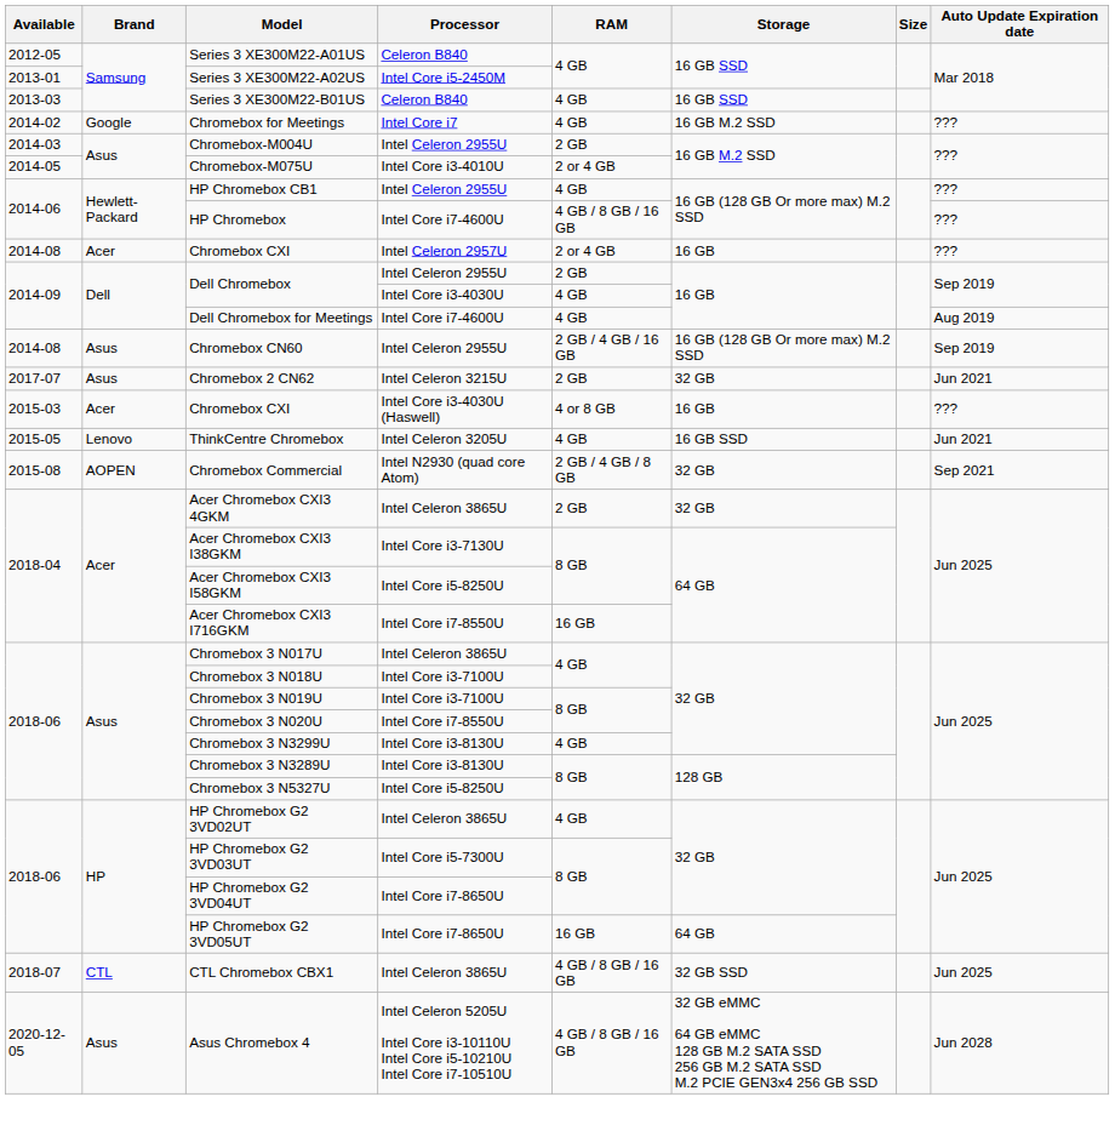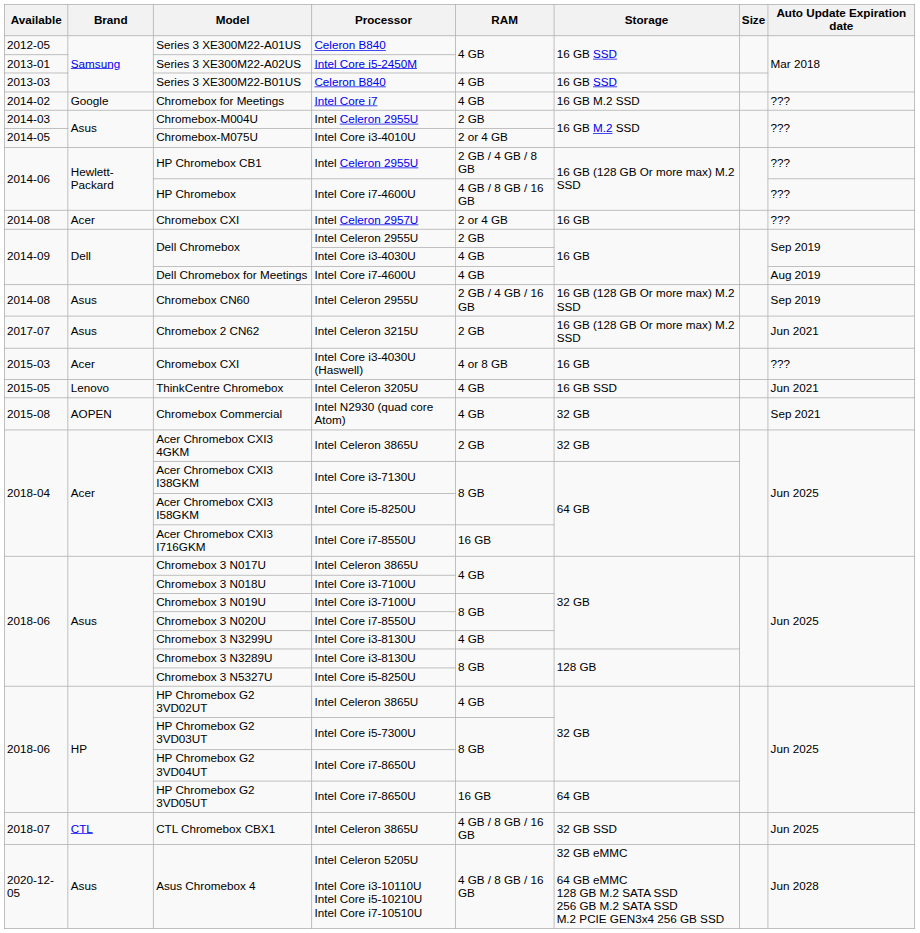 <table class="wikitable sortable">
 <tr>
 <th>Available</th>
 <th>Brand</th>
 <th>Model</th>
 <th>Processor</th>
 <th>RAM</th>
 <th>Storage</th>
 <th>Size</th>
 <th>Auto Update Expiration date</th>
 </tr>
 <tr>
 <td>2012-05</td>
 <td rowspan="3"><a href='#'>Samsung</a></td>
 <td>Series 3 XE300M22-A01US</td>
 <td><a href='#'>Celeron B840</a></td>
 <td rowspan="2">4 GB</td>
 <td rowspan="2">16 GB <a href='#'>SSD</a></td>
 <td rowspan="2"></td>
 <td rowspan="3">Mar 2018</td>
 </tr>
 <tr>
 <td>2013-01</td>
 <td>Series 3 XE300M22-A02US</td>
 <td><a href='#'>Intel Core i5-2450M</a></td>
 </tr>
 <tr>
 <td>2013-03</td>
 <td>Series 3 XE300M22-B01US</td>
 <td><a href='#'>Celeron B840</a></td>
 <td>4 GB</td>
 <td>16 GB <a href='#'>SSD</a></td>
 <td></td>
 </tr>
 <tr>
 <td>2014-02</td>
 <td>Google</td>
 <td>Chromebox for Meetings</td>
 <td><a href='#'>Intel Core i7</a></td>
 <td>4 GB</td>
 <td>16 GB M.2 SSD</td>
 <td></td>
 <td>???</td>
 </tr>
 <tr>
 <td>2014-03</td>
 <td rowspan="2">Asus</td>
 <td>Chromebox-M004U</td>
 <td>Intel <a href='#'>Celeron 2955U</a></td>
 <td>2 GB</td>
 <td rowspan="2">16 GB <a href='#'>M.2</a> SSD</td>
 <td rowspan="2"></td>
 <td rowspan="2">???</td>
 </tr>
 <tr>
 <td>2014-05</td>
 <td>Chromebox-M075U</td>
 <td>Intel Core i3-4010U</td>
 <td>2 or 4 GB</td>
 </tr>
 <tr>
 <td rowspan="2">2014-06</td>
 <td rowspan="2">Hewlett-Packard</td>
 <td>HP Chromebox CB1</td>
 <td>Intel <a href='#'>Celeron 2955U</a></td>
-<td>4 GB</td>
+<td>2 GB / 4 GB / 8 GB</td>
 <td rowspan="2">16 GB (128 GB Or more max) M.2 SSD</td>
 <td rowspan="2"></td>
 <td>???</td>
 </tr>
 <tr>
 <td>HP Chromebox</td>
 <td>Intel Core i7-4600U</td>
 <td>4 GB / 8 GB / 16 GB</td>
 <td>???</td>
 </tr>
 <tr>
 <td>2014-08</td>
 <td>Acer</td>
 <td>Chromebox CXI</td>
 <td>Intel <a href='#'>Celeron 2957U</a></td>
 <td>2 or 4 GB</td>
 <td rowspan="1">16 GB</td>
 <td></td>
 <td>???</td>
 </tr>
 <tr>
 <td rowspan="3">2014-09</td>
 <td rowspan="3">Dell</td>
 <td rowspan="2">Dell Chromebox</td>
 <td>Intel Celeron 2955U</td>
 <td>2 GB</td>
 <td rowspan="3">16 GB</td>
 <td rowspan="3"></td>
 <td rowspan="2">Sep 2019</td>
 </tr>
 <tr>
 <td>Intel Core i3-4030U</td>
 <td>4 GB</td>
 </tr>
 <tr>
 <td>Dell Chromebox for Meetings</td>
 <td>Intel Core i7-4600U</td>
 <td>4 GB</td>
 <td>Aug 2019</td>
 </tr>
 <tr>
 <td>2014-08</td>
 <td>Asus</td>
 <td>Chromebox CN60</td>
 <td>Intel Celeron 2955U</td>
 <td>2 GB / 4 GB / 16 GB</td>
 <td rowspan="1">16 GB (128 GB Or more max) M.2 SSD</td>
 <td></td>
 <td>Sep 2019</td>
 </tr>
 <tr>
 <td>2017-07</td>
 <td>Asus</td>
 <td>Chromebox 2 CN62</td>
 <td>Intel Celeron 3215U</td>
 <td>2 GB</td>
-<td rowspan="1">32 GB</td>
+<td rowspan="1">16 GB (128 GB Or more max) M.2 SSD</td>
 <td></td>
 <td>Jun 2021</td>
 </tr>
 <tr>
 <td>2015-03</td>
 <td>Acer</td>
 <td>Chromebox CXI</td>
 <td>Intel Core i3-4030U (Haswell)</td>
 <td>4 or 8 GB</td>
 <td rowspan="1">16 GB</td>
 <td></td>
 <td>???</td>
 </tr>
 <tr>
 <td>2015-05</td>
 <td>Lenovo</td>
 <td>ThinkCentre Chromebox</td>
 <td>Intel Celeron 3205U</td>
 <td>4 GB</td>
 <td>16 GB SSD</td>
 <td></td>
 <td>Jun 2021</td>
 </tr>
 <tr>
 <td>2015-08</td>
 <td>AOPEN</td>
 <td>Chromebox Commercial</td>
 <td>Intel N2930 (quad core Atom)</td>
-<td>2 GB / 4 GB / 8 GB</td>
+<td>4 GB</td>
 <td rowspan="1">32 GB</td>
 <td></td>
 <td>Sep 2021</td>
 </tr>
 <tr>
 <td rowspan="4">2018-04</td>
 <td rowspan="4">Acer</td>
 <td>Acer Chromebox CXI3 4GKM</td>
 <td>Intel Celeron 3865U</td>
 <td>2 GB</td>
 <td>32 GB</td>
 <td rowspan="4"></td>
 <td rowspan="4">Jun 2025</td>
 </tr>
 <tr>
 <td>Acer Chromebox CXI3 I38GKM</td>
 <td>Intel Core i3-7130U</td>
 <td rowspan="2">8 GB</td>
 <td rowspan="3">64 GB</td>
 </tr>
 <tr>
 <td>Acer Chromebox CXI3 I58GKM</td>
 <td>Intel Core i5-8250U</td>
 </tr>
 <tr>
 <td>Acer Chromebox CXI3 I716GKM</td>
 <td>Intel Core i7-8550U</td>
 <td>16 GB</td>
 </tr>
 <tr>
 <td rowspan="7">2018-06</td>
 <td rowspan="7">Asus</td>
 <td>Chromebox 3 N017U</td>
 <td>Intel Celeron 3865U</td>
 <td rowspan="2">4 GB</td>
 <td rowspan="5">32 GB</td>
 <td rowspan="7"></td>
 <td rowspan="7">Jun 2025</td>
 </tr>
 <tr>
 <td>Chromebox 3 N018U</td>
 <td>Intel Core i3-7100U</td>
 </tr>
 <tr>
 <td>Chromebox 3 N019U</td>
 <td>Intel Core i3-7100U</td>
 <td rowspan="2">8 GB</td>
 </tr>
 <tr>
 <td>Chromebox 3 N020U</td>
 <td>Intel Core i7-8550U</td>
 </tr>
 <tr>
 <td>Chromebox 3 N3299U</td>
 <td>Intel Core i3-8130U</td>
 <td>4 GB</td>
 </tr>
 <tr>
 <td>Chromebox 3 N3289U</td>
 <td>Intel Core i3-8130U</td>
 <td rowspan="2">8 GB</td>
 <td rowspan="2">128 GB</td>
 </tr>
 <tr>
 <td>Chromebox 3 N5327U</td>
 <td>Intel Core i5-8250U</td>
 </tr>
 <tr>
 <td rowspan="4">2018-06</td>
 <td rowspan="4">HP</td>
 <td>HP Chromebox G2 3VD02UT</td>
 <td>Intel Celeron 3865U</td>
 <td>4 GB</td>
 <td rowspan="3">32 GB</td>
 <td rowspan="4"></td>
 <td rowspan="4">Jun 2025</td>
 </tr>
 <tr>
 <td>HP Chromebox G2 3VD03UT</td>
 <td>Intel Core i5-7300U</td>
 <td rowspan="2">8 GB</td>
 </tr>
 <tr>
 <td>HP Chromebox G2 3VD04UT</td>
 <td>Intel Core i7-8650U</td>
 </tr>
 <tr>
 <td>HP Chromebox G2 3VD05UT</td>
 <td>Intel Core i7-8650U</td>
 <td>16 GB</td>
 <td>64 GB</td>
 </tr>
 <tr>
 <td>2018-07</td>
 <td><a href='#'>CTL</a></td>
 <td>CTL Chromebox CBX1</td>
 <td>Intel Celeron 3865U</td>
 <td>4 GB / 8 GB / 16 GB</td>
 <td>32 GB SSD</td>
 <td></td>
 <td>Jun 2025</td>
 </tr>
 <tr>
 <td>2020-12-05</td>
 <td>Asus</td>
 <td>Asus Chromebox 4</td>
 <td>Intel Celeron 5205U<br><br>Intel Core i3-10110U<br> Intel Core i5-10210U<br> Intel Core i7-10510U</td>
 <td>4 GB / 8 GB / 16 GB</td>
 <td>32 GB eMMC<br><br>64 GB eMMC<br> 128 GB M.2 SATA SSD<br> 256 GB M.2 SATA SSD<br> M.2 PCIE GEN3x4 256 GB SSD</td>
 <td></td>
 <td>Jun 2028</td>
 </tr>
 </table>
